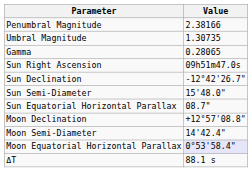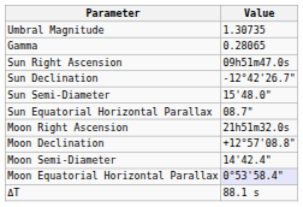 <table class="wikitable">
 <tr>
 <th>Parameter</th>
 <th>Value</th>
-</tr>
-<tr>
-<td>Penumbral Magnitude</td>
-<td>2.38166</td>
 </tr>
 <tr>
 <td>Umbral Magnitude</td>
 <td>1.30735</td>
 </tr>
 <tr>
 <td>Gamma</td>
 <td>0.28065</td>
 </tr>
 <tr>
 <td>Sun Right Ascension</td>
 <td>09h51m47.0s</td>
 </tr>
 <tr>
 <td>Sun Declination</td>
 <td>-12°42'26.7"</td>
 </tr>
 <tr>
 <td>Sun Semi-Diameter</td>
 <td>15'48.0"</td>
 </tr>
 <tr>
 <td>Sun Equatorial Horizontal Parallax</td>
 <td>08.7"</td>
 </tr>
 <tr>
+<td>Moon Right Ascension</td>
+<td>21h51m32.0s</td>
+</tr>
+<tr>
 <td>Moon Declination</td>
 <td>+12°57'08.8"</td>
 </tr>
 <tr>
 <td>Moon Semi-Diameter</td>
 <td>14'42.4"</td>
 </tr>
 <tr>
 <td>Moon Equatorial Horizontal Parallax</td>
 <td style="background: lavender;">0°53'58.4"</td>
 </tr>
 <tr>
 <td>ΔT</td>
 <td>88.1 s</td>
 </tr>
 </table>
